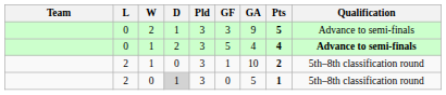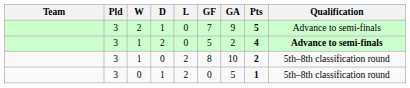 <table class="wikitable" style="text-align:center; font-size:90%">
 <tr>
 <th style="width:10em">Team</th>
-<th style="width:2em">L</th>
+<th style="width:2em">Pld</th>
 <th style="width:2em">W</th>
 <th style="width:2em">D</th>
-<th style="width:2em">Pld</th>
+<th style="width:2em">L</th>
 <th style="width:2em">GF</th>
 <th style="width:2em">GA</th>
 <th style="width:2em">Pts</th>
 <th style="width:14em">Qualification</th>
 </tr>
 <tr style="background:#ccffcc;">
 <td align=left></td>
-<td>0</td>
+<td>3</td>
 <td>2</td>
 <td>1</td>
-<td>3</td>
-<td>3</td>
+<td>0</td>
+<td>7</td>
 <td>9</td>
 <td><strong>5</strong></td>
 <td>Advance to semi-finals</td>
 </tr>
 <tr style="background:#ccffcc;">
 <td align=left></td>
-<td>0</td>
+<td>3</td>
 <td>1</td>
 <td>2</td>
-<td>3</td>
+<td>0</td>
 <td>5</td>
-<td>4</td>
+<td>2</td>
 <td><strong>4</strong></td>
 <td><strong>Advance to semi-finals</strong></td>
 </tr>
 <tr>
 <td align=left></td>
-<td>2</td>
+<td>3</td>
 <td>1</td>
 <td>0</td>
-<td>3</td>
-<td>1</td>
+<td>2</td>
+<td>8</td>
 <td>10</td>
 <td><strong>2</strong></td>
 <td>5th–8th classification round</td>
 </tr>
 <tr>
 <td align=left></td>
+<td>3</td>
+<td>0</td>
+<td>1</td>
 <td>2</td>
-<td>0</td>
-<td style="background: lightgrey;">1</td>
-<td>3</td>
 <td>0</td>
 <td>5</td>
 <td><strong>1</strong></td>
 <td>5th–8th classification round</td>
 </tr>
 </table>
